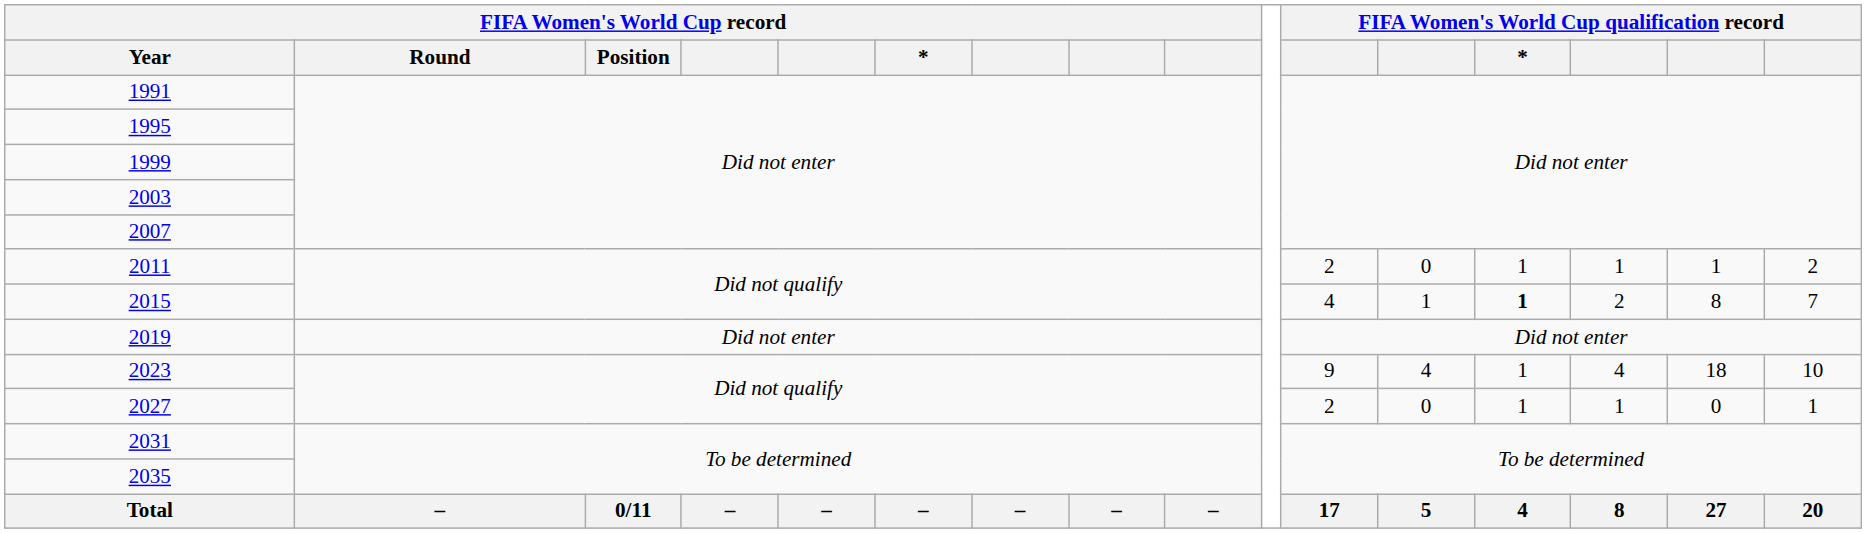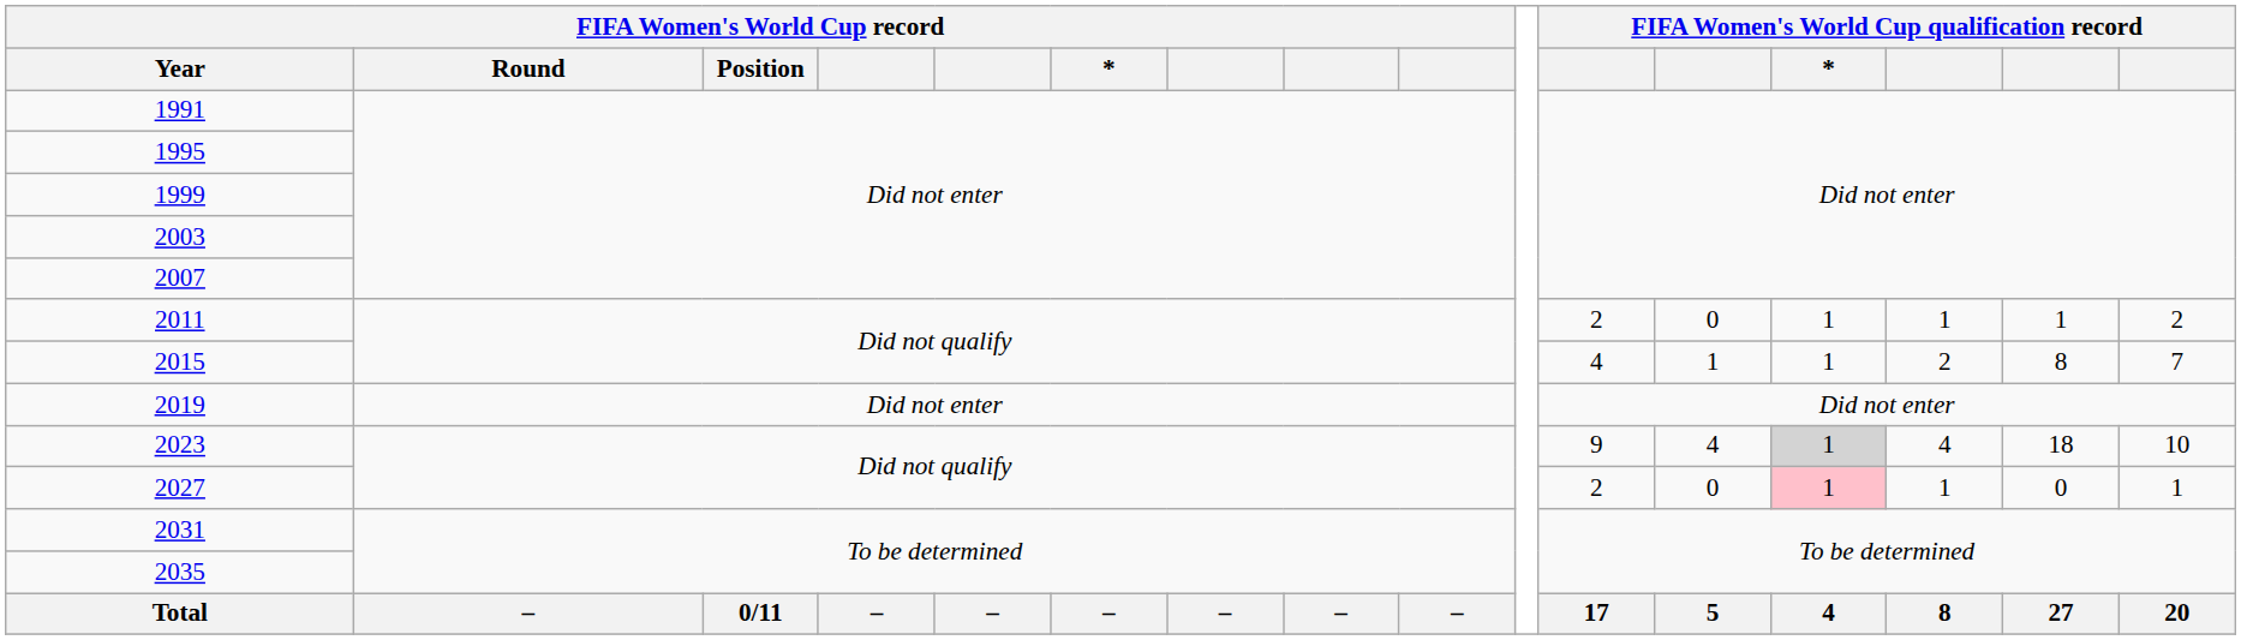 <table class="wikitable" class="wikitable" style="font-size:90%; text-align:center; width:100%">
 <tr>
 <th colspan="9"><a href='#'>FIFA Women's World Cup</a> record</th>
 <th rowspan="15" style="width:1%;background:white"></th>
 <th colspan="6"><a href='#'>FIFA Women's World Cup qualification</a> record</th>
 </tr>
 <tr>
 <th width="15%">Year</th>
 <th width="15%">Round</th>
 <th width="5%">Position</th>
 <th width="5%"></th>
 <th width="5%"></th>
 <th width="5%">*</th>
 <th width="5%"></th>
 <th width="5%"></th>
 <th width="5%"></th>
 <th width="5%"></th>
 <th width="5%"></th>
 <th width="5%">*</th>
 <th width="5%"></th>
 <th width="5%"></th>
 <th width="5%"></th>
 </tr>
 <tr>
 <td> <a href='#'>1991</a></td>
 <td colspan="8" rowspan="5"><em>Did not enter</em></td>
 <td colspan="6" rowspan="5"><em>Did not enter</em></td>
 </tr>
 <tr>
 <td> <a href='#'>1995</a></td>
 </tr>
 <tr>
 <td> <a href='#'>1999</a></td>
 </tr>
 <tr>
 <td> <a href='#'>2003</a></td>
 </tr>
 <tr>
 <td> <a href='#'>2007</a></td>
 </tr>
 <tr>
 <td> <a href='#'>2011</a></td>
 <td colspan="8" rowspan="2"><em>Did not qualify</em></td>
 <td>2</td>
 <td>0</td>
 <td>1</td>
 <td>1</td>
 <td>1</td>
 <td>2</td>
 </tr>
 <tr>
 <td> <a href='#'>2015</a></td>
 <td>4</td>
 <td>1</td>
-<td><strong>1</strong></td>
+<td>1</td>
 <td>2</td>
 <td>8</td>
 <td>7</td>
 </tr>
 <tr>
 <td> <a href='#'>2019</a></td>
 <td colspan="8"><em>Did not enter</em></td>
 <td colspan="6"><em>Did not enter</em></td>
 </tr>
 <tr>
 <td> <a href='#'>2023</a></td>
 <td colspan="8" rowspan="2"><em>Did not qualify</em></td>
 <td>9</td>
 <td>4</td>
-<td>1</td>
+<td style="background: lightgrey;">1</td>
 <td>4</td>
 <td>18</td>
 <td>10</td>
 </tr>
 <tr>
 <td> <a href='#'>2027</a></td>
 <td>2</td>
 <td>0</td>
-<td>1</td>
+<td style="background: pink;">1</td>
 <td>1</td>
 <td>0</td>
 <td>1</td>
 </tr>
 <tr>
 <td> <a href='#'>2031</a></td>
 <td colspan="8" rowspan="2"><em>To be determined</em></td>
 <td colspan="6" rowspan="2"><em>To be determined</em></td>
 </tr>
 <tr>
 <td> <a href='#'>2035</a></td>
 </tr>
 <tr>
 <th>Total</th>
 <th>–</th>
 <th>0/11</th>
 <th>–</th>
 <th>–</th>
 <th>–</th>
 <th>–</th>
 <th>–</th>
 <th>–</th>
 <th>17</th>
 <th>5</th>
 <th>4</th>
 <th>8</th>
 <th>27</th>
 <th>20</th>
 </tr>
 </table>
